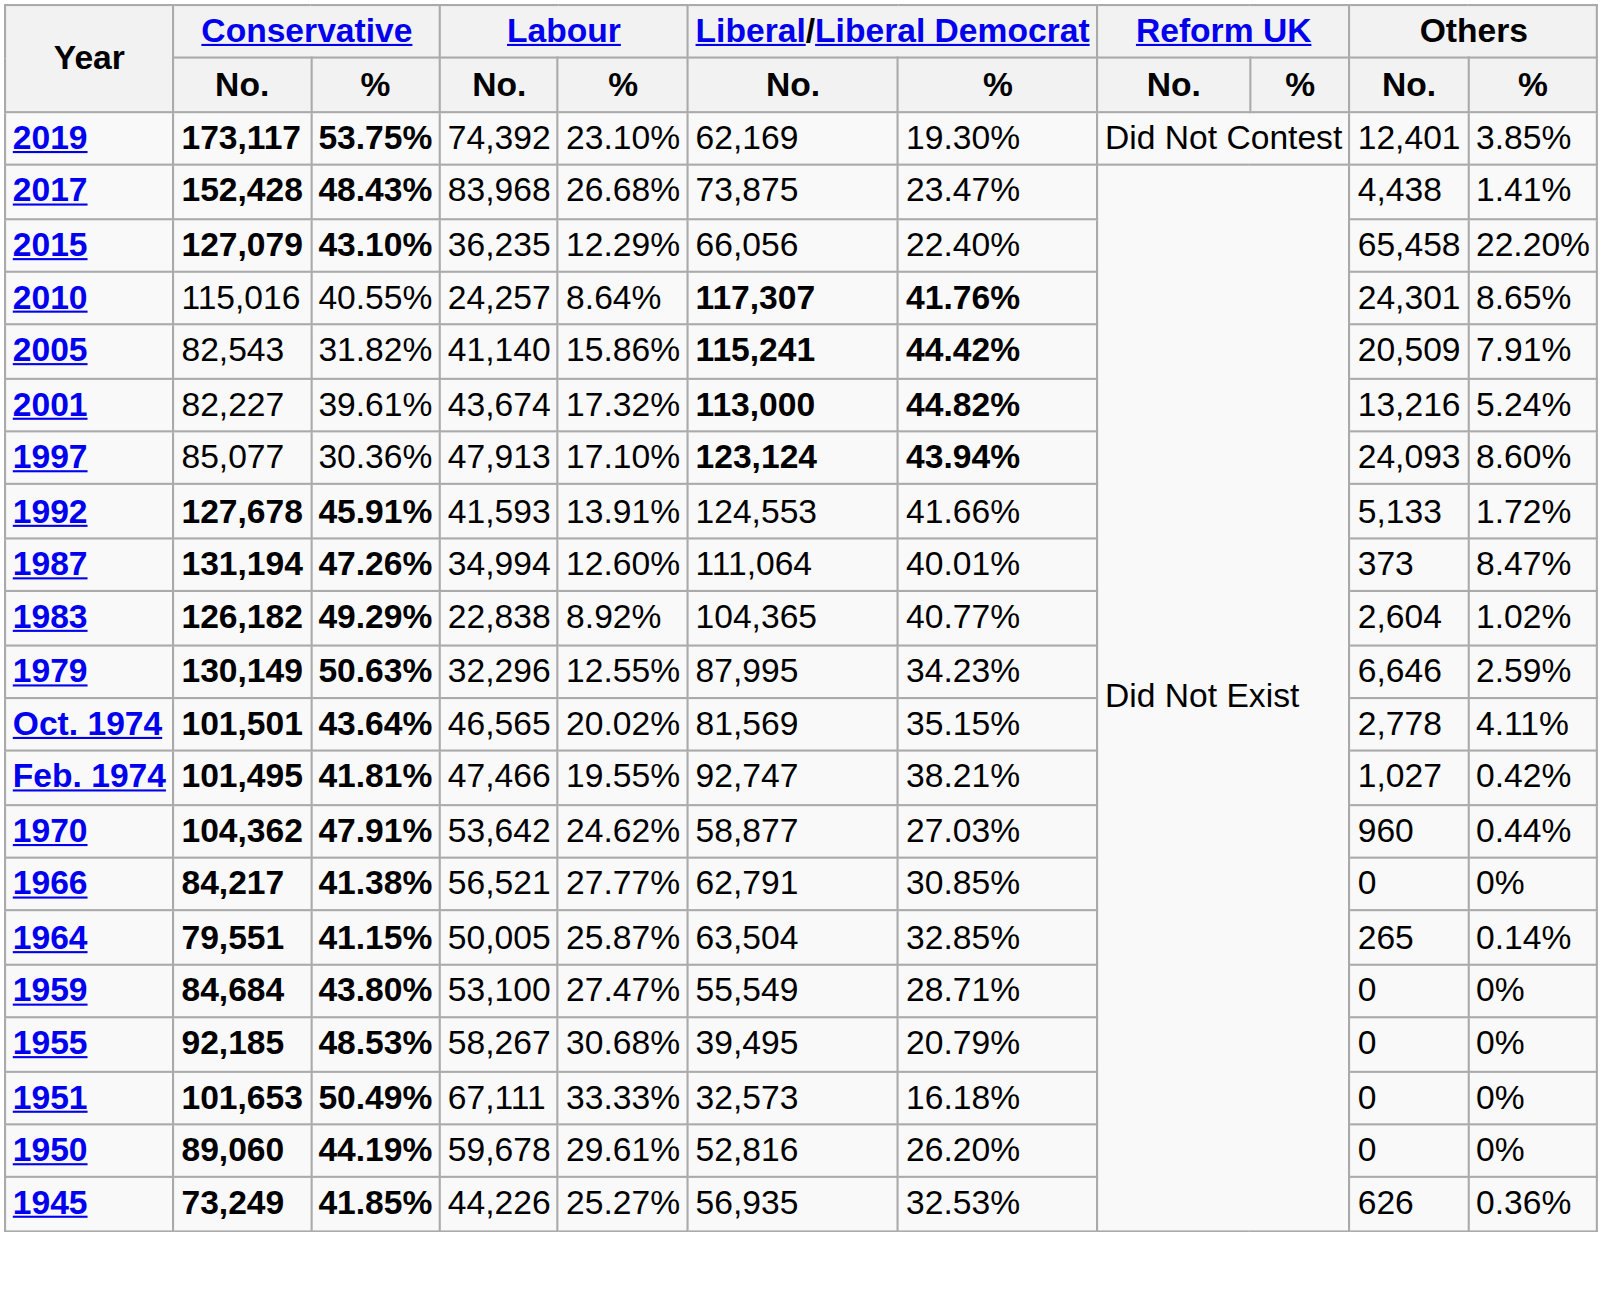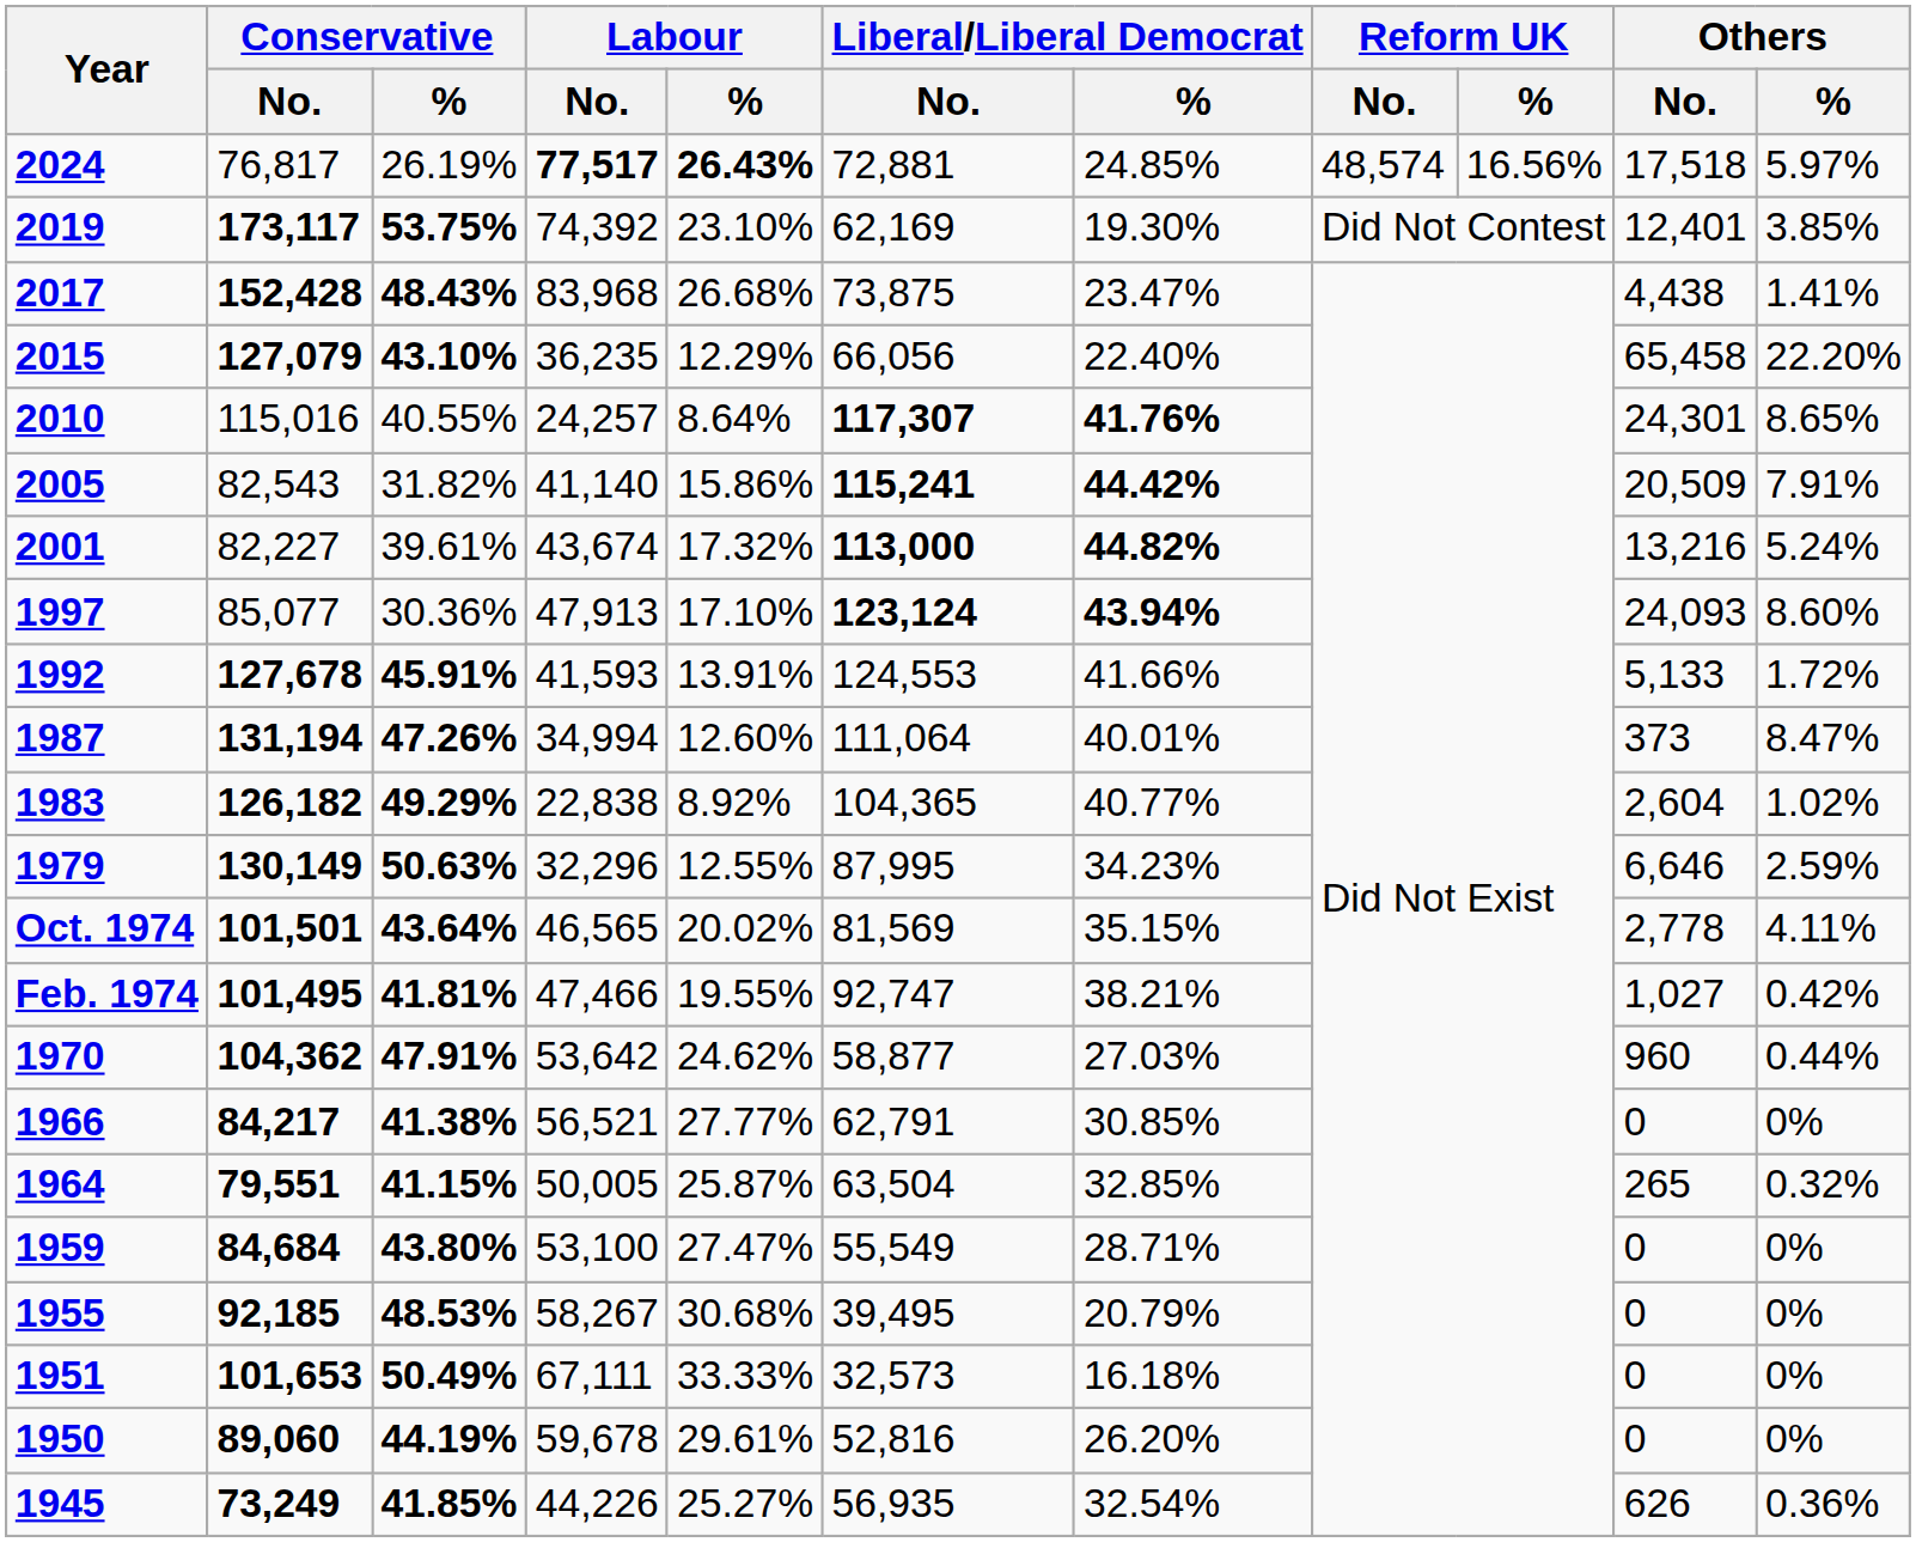 <table class="sortable wikitable">
 <tr>
 <th rowspan="2">Year</th>
 <th colspan="2"><a href='#'>Conservative</a></th>
 <th colspan="2"><a href='#'>Labour</a></th>
 <th colspan="2"><a href='#'>Liberal</a>/<a href='#'>Liberal Democrat</a></th>
 <th colspan="2"><a href='#'>Reform UK</a></th>
 <th colspan="2">Others</th>
 </tr>
 <tr>
 <th>No.</th>
 <th>%</th>
 <th>No.</th>
 <th>%</th>
 <th>No.</th>
 <th>%</th>
 <th>No.</th>
 <th>%</th>
 <th>No.</th>
 <th>%</th>
+</tr>
+<tr>
+<td><strong><a href='#'>2024</a></strong></td>
+<td>76,817</td>
+<td>26.19%</td>
+<td><strong>77,517</strong></td>
+<td><strong>26.43%</strong></td>
+<td>72,881</td>
+<td>24.85%</td>
+<td>48,574</td>
+<td>16.56%</td>
+<td>17,518</td>
+<td>5.97%</td>
 </tr>
 <tr>
 <td><strong><a href='#'>2019</a></strong></td>
 <td><strong>173,117</strong></td>
 <td><strong>53.75%</strong></td>
 <td>74,392</td>
 <td>23.10%</td>
 <td>62,169</td>
 <td>19.30%</td>
 <td colspan="2">Did Not Contest</td>
 <td>12,401</td>
 <td>3.85%</td>
 </tr>
 <tr>
 <td><strong><a href='#'>2017</a></strong></td>
 <td><strong>152,428</strong></td>
 <td><strong>48.43%</strong></td>
 <td>83,968</td>
 <td>26.68%</td>
 <td>73,875</td>
 <td>23.47%</td>
 <td colspan="2" rowspan="20">Did Not Exist</td>
 <td>4,438</td>
 <td>1.41%</td>
 </tr>
 <tr>
 <td><strong><a href='#'>2015</a></strong></td>
 <td><strong>127,079</strong></td>
 <td><strong>43.10%</strong></td>
 <td>36,235</td>
 <td>12.29%</td>
 <td>66,056</td>
 <td>22.40%</td>
 <td>65,458</td>
 <td>22.20%</td>
 </tr>
 <tr>
 <td><strong><a href='#'>2010</a></strong></td>
 <td>115,016</td>
 <td>40.55%</td>
 <td>24,257</td>
 <td>8.64%</td>
 <td><strong>117,307</strong></td>
 <td><strong>41.76%</strong></td>
 <td>24,301</td>
 <td>8.65%</td>
 </tr>
 <tr>
 <td><strong><a href='#'>2005</a></strong></td>
 <td>82,543</td>
 <td>31.82%</td>
 <td>41,140</td>
 <td>15.86%</td>
 <td><strong>115,241</strong></td>
 <td><strong>44.42%</strong></td>
 <td>20,509</td>
 <td>7.91%</td>
 </tr>
 <tr>
 <td><strong><a href='#'>2001</a></strong></td>
 <td>82,227</td>
 <td>39.61%</td>
 <td>43,674</td>
 <td>17.32%</td>
 <td><strong>113,000</strong></td>
 <td><strong>44.82%</strong></td>
 <td>13,216</td>
 <td>5.24%</td>
 </tr>
 <tr>
 <td><strong><a href='#'>1997</a></strong></td>
 <td>85,077</td>
 <td>30.36%</td>
 <td>47,913</td>
 <td>17.10%</td>
 <td><strong>123,124</strong></td>
 <td><strong>43.94%</strong></td>
 <td>24,093</td>
 <td>8.60%</td>
 </tr>
 <tr>
 <td><strong><a href='#'>1992</a></strong></td>
 <td><strong>127,678</strong></td>
 <td><strong>45.91%</strong></td>
 <td>41,593</td>
 <td>13.91%</td>
 <td>124,553</td>
 <td>41.66%</td>
 <td>5,133</td>
 <td>1.72%</td>
 </tr>
 <tr>
 <td><strong><a href='#'>1987</a></strong></td>
 <td><strong>131,194</strong></td>
 <td><strong>47.26%</strong></td>
 <td>34,994</td>
 <td>12.60%</td>
 <td>111,064</td>
 <td>40.01%</td>
 <td>373</td>
 <td>8.47%</td>
 </tr>
 <tr>
 <td><strong><a href='#'>1983</a></strong></td>
 <td><strong>126,182</strong></td>
 <td><strong>49.29%</strong></td>
 <td>22,838</td>
 <td>8.92%</td>
 <td>104,365</td>
 <td>40.77%</td>
 <td>2,604</td>
 <td>1.02%</td>
 </tr>
 <tr>
 <td><strong><a href='#'>1979</a></strong></td>
 <td><strong>130,149</strong></td>
 <td><strong>50.63%</strong></td>
 <td>32,296</td>
 <td>12.55%</td>
 <td>87,995</td>
 <td>34.23%</td>
 <td>6,646</td>
 <td>2.59%</td>
 </tr>
 <tr>
 <td><strong><a href='#'>Oct. 1974</a></strong></td>
 <td><strong>101,501</strong></td>
 <td><strong>43.64%</strong></td>
 <td>46,565</td>
 <td>20.02%</td>
 <td>81,569</td>
 <td>35.15%</td>
 <td>2,778</td>
 <td>4.11%</td>
 </tr>
 <tr>
 <td><strong><a href='#'>Feb. 1974</a></strong></td>
 <td><strong>101,495</strong></td>
 <td><strong>41.81%</strong></td>
 <td>47,466</td>
 <td>19.55%</td>
 <td>92,747</td>
 <td>38.21%</td>
 <td>1,027</td>
 <td>0.42%</td>
 </tr>
 <tr>
 <td><strong><a href='#'>1970</a></strong></td>
 <td><strong>104,362</strong></td>
 <td><strong>47.91%</strong></td>
 <td>53,642</td>
 <td>24.62%</td>
 <td>58,877</td>
 <td>27.03%</td>
 <td>960</td>
 <td>0.44%</td>
 </tr>
 <tr>
 <td><strong><a href='#'>1966</a></strong></td>
 <td><strong>84,217</strong></td>
 <td><strong>41.38%</strong></td>
 <td>56,521</td>
 <td>27.77%</td>
 <td>62,791</td>
 <td>30.85%</td>
 <td>0</td>
 <td>0%</td>
 </tr>
 <tr>
 <td><strong><a href='#'>1964</a></strong></td>
 <td><strong>79,551</strong></td>
 <td><strong>41.15%</strong></td>
 <td>50,005</td>
 <td>25.87%</td>
 <td>63,504</td>
 <td>32.85%</td>
 <td>265</td>
-<td>0.14%</td>
+<td>0.32%</td>
 </tr>
 <tr>
 <td><strong><a href='#'>1959</a></strong></td>
 <td><strong>84,684</strong></td>
 <td><strong>43.80%</strong></td>
 <td>53,100</td>
 <td>27.47%</td>
 <td>55,549</td>
 <td>28.71%</td>
 <td>0</td>
 <td>0%</td>
 </tr>
 <tr>
 <td><strong><a href='#'>1955</a></strong></td>
 <td><strong>92,185</strong></td>
 <td><strong>48.53%</strong></td>
 <td>58,267</td>
 <td>30.68%</td>
 <td>39,495</td>
 <td>20.79%</td>
 <td>0</td>
 <td>0%</td>
 </tr>
 <tr>
 <td><strong><a href='#'>1951</a></strong></td>
 <td><strong>101,653</strong></td>
 <td><strong>50.49%</strong></td>
 <td>67,111</td>
 <td>33.33%</td>
 <td>32,573</td>
 <td>16.18%</td>
 <td>0</td>
 <td>0%</td>
 </tr>
 <tr>
 <td><strong><a href='#'>1950</a></strong></td>
 <td><strong>89,060</strong></td>
 <td><strong>44.19%</strong></td>
 <td>59,678</td>
 <td>29.61%</td>
 <td>52,816</td>
 <td>26.20%</td>
 <td>0</td>
 <td>0%</td>
 </tr>
 <tr>
 <td><strong><a href='#'>1945</a></strong></td>
 <td><strong>73,249</strong></td>
 <td><strong>41.85%</strong></td>
 <td>44,226</td>
 <td>25.27%</td>
 <td>56,935</td>
-<td>32.53%</td>
+<td>32.54%</td>
 <td>626</td>
 <td>0.36%</td>
 </tr>
 </table>
